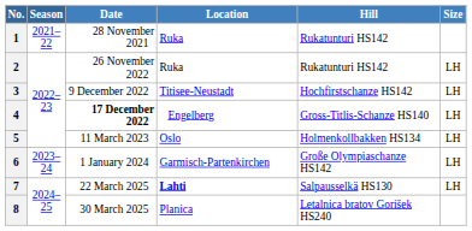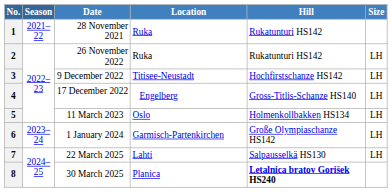 <table class="wikitable sortable" style="font-size:86%; line-height:15px; text-align:left; border:grey solid 1px; border-collapse:collapse; background:#ffffff;">
 <tr style="background:#efefef;">
 <th style="background-color:#369; color:white; width:10px;">No.</th>
 <th style="background-color:#369; color:white;  width:30px;">Season</th>
 <th style="background-color:#4180be; color:white; width:105px;">Date</th>
 <th style="background-color:#4180be; color:white; width:165px;">Location</th>
 <th style="background-color:#4180be; color:white; width:168px;">Hill</th>
 <th style="background-color:#4180be; color:white; width:25px;">Size</th>
 </tr>
 <tr>
 <th scope="row" style="text-align:center;">1</th>
 <td style="text-align:center;"><a href='#'>2021–22</a></td>
 <td align=right>28 November 2021  </td>
 <td> <a href='#'>Ruka</a></td>
 <td><a href='#'>Rukatunturi</a> HS142</td>
 <td align=center></td>
 </tr>
 <tr>
 <th scope="row" style="text-align:center;">2</th>
 <td style="text-align:center;" rowspan=4><a href='#'>2022–23</a></td>
 <td align=right>26 November 2022  </td>
 <td> Ruka</td>
 <td>Rukatunturi HS142</td>
 <td align=center>LH</td>
 </tr>
 <tr>
 <th scope="row" style="text-align:center;">3</th>
 <td align=right>9 December 2022  </td>
 <td> <a href='#'>Titisee-Neustadt</a></td>
 <td><a href='#'>Hochfirstschanze</a> HS142</td>
 <td align=center>LH</td>
 </tr>
 <tr>
 <th scope="row" style="text-align:center;">4</th>
-<td align=right><strong>17 December 2022  </strong></td>
+<td align=right>17 December 2022  </td>
 <td>   <a href='#'>Engelberg</a></td>
 <td><a href='#'>Gross-Titlis-Schanze</a> HS140</td>
 <td align=center>LH</td>
 </tr>
 <tr>
 <th scope="row" style="text-align:center;">5</th>
 <td align=right>11 March 2023  </td>
 <td> <a href='#'>Oslo</a></td>
 <td><a href='#'>Holmenkollbakken</a> HS134</td>
 <td align=center>LH</td>
 </tr>
 <tr>
 <th scope="row" style="text-align:center;">6</th>
 <td style="text-align:center;"><a href='#'>2023–24</a></td>
 <td align=right>1 January 2024  </td>
 <td> <a href='#'>Garmisch-Partenkirchen</a></td>
 <td><a href='#'>Große Olympiaschanze</a> HS142</td>
 <td align=center>LH</td>
 </tr>
 <tr>
 <th scope=row style="text-align:center;">7</th>
 <td align=center rowspan=2><a href='#'>2024–25</a></td>
 <td align=right>22 March 2025  </td>
-<td><strong> <a href='#'>Lahti</a></strong></td>
+<td> <a href='#'>Lahti</a></td>
 <td><a href='#'>Salpausselkä</a> HS130</td>
 <td align=center>LH</td>
 </tr>
 <tr>
 <th scope=row style="text-align:center;">8</th>
 <td align=right>30 March 2025  </td>
 <td> <a href='#'>Planica</a></td>
-<td><a href='#'>Letalnica bratov Gorišek</a> HS240</td>
+<td><strong><a href='#'>Letalnica bratov Gorišek</a> HS240</strong></td>
 <td align=center></td>
 </tr>
 </table>
